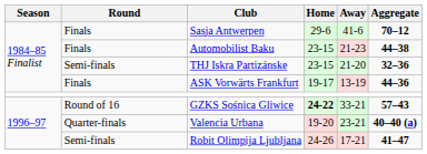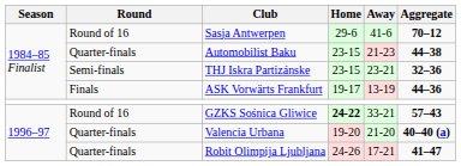 <table class="wikitable">
 <tr>
 <th width=75>Season</th>
 <th width=175>Round</th>
 <th>Club</th>
 <th>Home</th>
 <th>Away</th>
 <th>Aggregate</th>
 </tr>
 <tr>
 <td rowspan=4><a href='#'>1984–85</a><br> <em>Finalist</em></td>
-<td>Finals</td>
+<td>Round of 16</td>
 <td> <a href='#'>Sasja Antwerpen</a></td>
 <td style="text-align:center; background:#dfd;">29-6</td>
 <td style="text-align:center; background:#dfd;">41-6</td>
 <td style="text-align:center;"><strong>70–12</strong></td>
 </tr>
 <tr>
-<td>Finals</td>
+<td>Quarter-finals</td>
 <td> <a href='#'>Automobilist Baku</a></td>
 <td style="text-align:center; background:#dfd;">23-15</td>
 <td style="text-align:center; background:#fdd;">21-23</td>
 <td style="text-align:center;"><strong>44–38</strong></td>
 </tr>
 <tr>
 <td>Semi-finals</td>
 <td> <a href='#'>THJ Iskra Partizánske</a></td>
 <td style="text-align:center; background:#dfd;">23-15</td>
-<td style="text-align:center; background:#dfd;">21-20</td>
+<td style="text-align:center; background:#dfd;">23-21</td>
 <td style="text-align:center;"><strong>32–36</strong></td>
 </tr>
 <tr>
 <td>Finals</td>
 <td> <a href='#'>ASK Vorwärts Frankfurt</a></td>
 <td style="text-align:center; background:#dfd;">19-17</td>
 <td style="text-align:center; background:#fdd;">13-19</td>
 <td style="text-align:center;"><strong>44–36</strong></td>
 </tr>
 <tr>
 <td colspan=7 style="text-align: center;" bgcolor=white></td>
 </tr>
 <tr>
 <td rowspan=3><a href='#'>1996–97</a></td>
 <td>Round of 16</td>
 <td> <a href='#'>GZKS Sośnica Gliwice</a></td>
 <td style="text-align:center; background:#dfd;"><strong>24-22</strong></td>
 <td style="text-align:center; background:#dfd;">33-21</td>
 <td style="text-align:center;"><strong>57–43</strong></td>
 </tr>
 <tr>
 <td>Quarter-finals</td>
 <td> <a href='#'>Valencia Urbana</a></td>
 <td style="text-align:center; background:#fdd;">19-20</td>
-<td style="text-align:center; background:#dfd;">23-21</td>
+<td style="text-align:center; background:#dfd;">21-20</td>
 <td style="text-align:center;"><strong>40–40 (<a href='#'>a</a>)</strong></td>
 </tr>
 <tr>
-<td>Semi-finals</td>
+<td>Quarter-finals</td>
 <td> <a href='#'>Robit Olimpija Ljubljana</a></td>
 <td style="text-align:center; background:#fdd;">24-26</td>
 <td style="text-align:center; background:#fdd;">17-21</td>
 <td style="text-align:center;"><strong>41–47</strong></td>
 </tr>
 </table>
